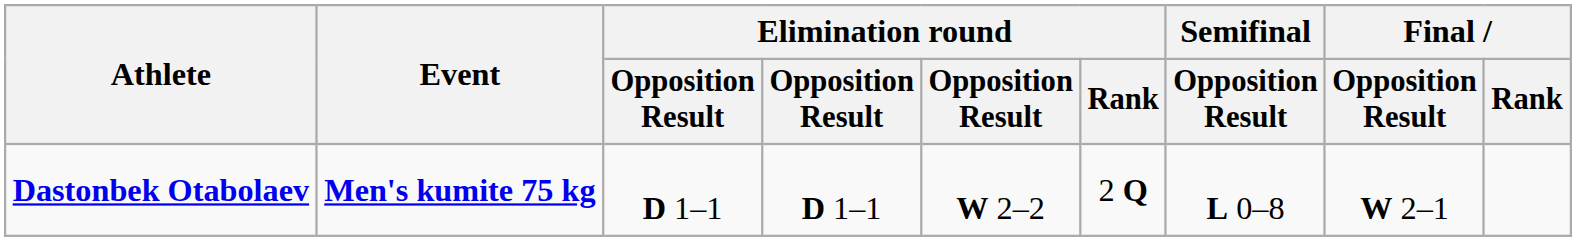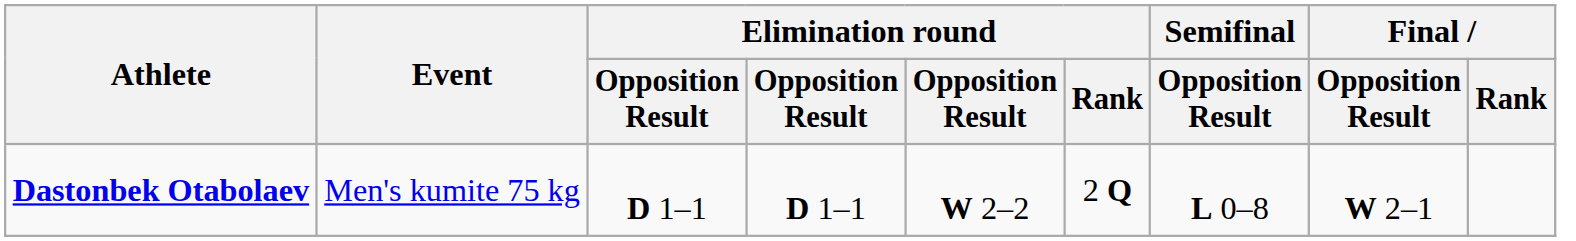 <table class=wikitable style=font-size:90%;text-align:center>
 <tr>
 <th rowspan=2>Athlete</th>
 <th rowspan=2>Event</th>
 <th colspan=4>Elimination round</th>
 <th>Semifinal</th>
 <th colspan=2>Final / </th>
 </tr>
 <tr style=font-size:95%>
 <th>Opposition<br>Result</th>
 <th>Opposition<br>Result</th>
 <th>Opposition<br>Result</th>
 <th>Rank</th>
 <th>Opposition<br>Result</th>
 <th>Opposition<br>Result</th>
 <th>Rank</th>
 </tr>
 <tr>
 <td align=left><strong><a href='#'>Dastonbek Otabolaev</a></strong></td>
-<td align=left><strong><a href='#'>Men's kumite 75 kg</a></strong></td>
+<td align=left><a href='#'>Men's kumite 75 kg</a></td>
 <td><br><strong>D</strong> 1–1</td>
 <td><br><strong>D</strong> 1–1</td>
 <td><br><strong>W</strong> 2–2</td>
 <td>2 <strong>Q</strong></td>
 <td><br><strong>L</strong> 0–8</td>
 <td><br><strong>W</strong> 2–1</td>
 <td></td>
 </tr>
 </table>
